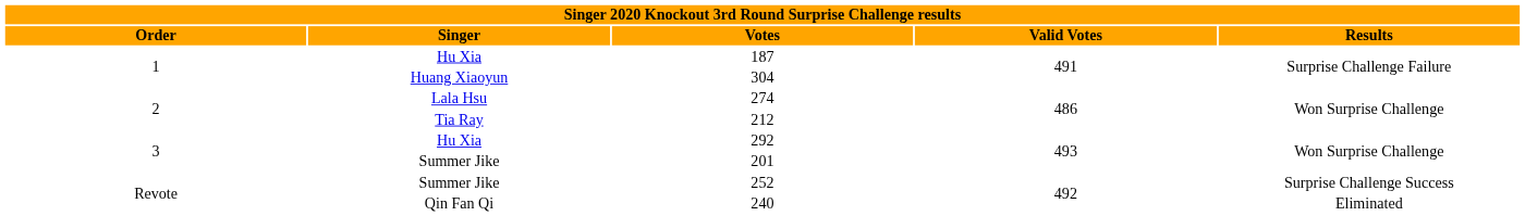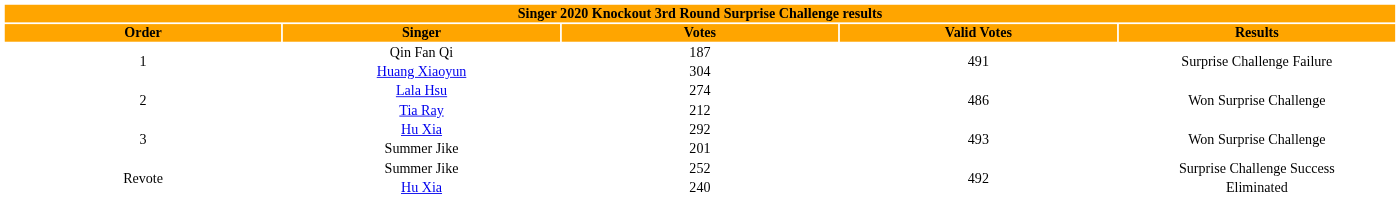 <table width="100%" style="text-align:center">
 <tr style="background:orange">
 <th colspan="5"><div>Singer 2020 Knockout 3rd Round Surprise Challenge results</div></th>
 </tr>
 <tr style="background:orange">
 <th style="width:20%">Order</th>
 <th style="width:20%">Singer</th>
 <th style="width:20%">Votes</th>
 <th style="width:20%">Valid Votes</th>
 <th style="width:20%">Results</th>
 </tr>
 <tr>
 <td rowspan=2>1</td>
-<td><a href='#'>Hu Xia</a></td>
+<td>Qin Fan Qi</td>
 <td>187</td>
 <td rowspan=2>491</td>
 <td rowspan=2>Surprise Challenge Failure</td>
 </tr>
 <tr>
 <td><a href='#'>Huang Xiaoyun</a></td>
 <td>304</td>
 </tr>
 <tr>
 <td rowspan=2>2</td>
 <td><a href='#'>Lala Hsu</a></td>
 <td>274</td>
 <td rowspan=2>486</td>
 <td rowspan=2>Won Surprise Challenge</td>
 </tr>
 <tr>
 <td><a href='#'>Tia Ray</a></td>
 <td>212</td>
 </tr>
 <tr>
 <td rowspan=2>3</td>
 <td><a href='#'>Hu Xia</a></td>
 <td>292</td>
 <td rowspan=2>493</td>
 <td rowspan=2>Won Surprise Challenge</td>
 </tr>
 <tr>
 <td>Summer Jike</td>
 <td>201</td>
 </tr>
 <tr>
 <td rowspan=2>Revote</td>
 <td>Summer Jike</td>
 <td>252</td>
 <td rowspan=2>492</td>
 <td>Surprise Challenge Success</td>
 </tr>
 <tr>
-<td>Qin Fan Qi</td>
+<td><a href='#'>Hu Xia</a></td>
 <td>240</td>
 <td>Eliminated</td>
 </tr>
 </table>
